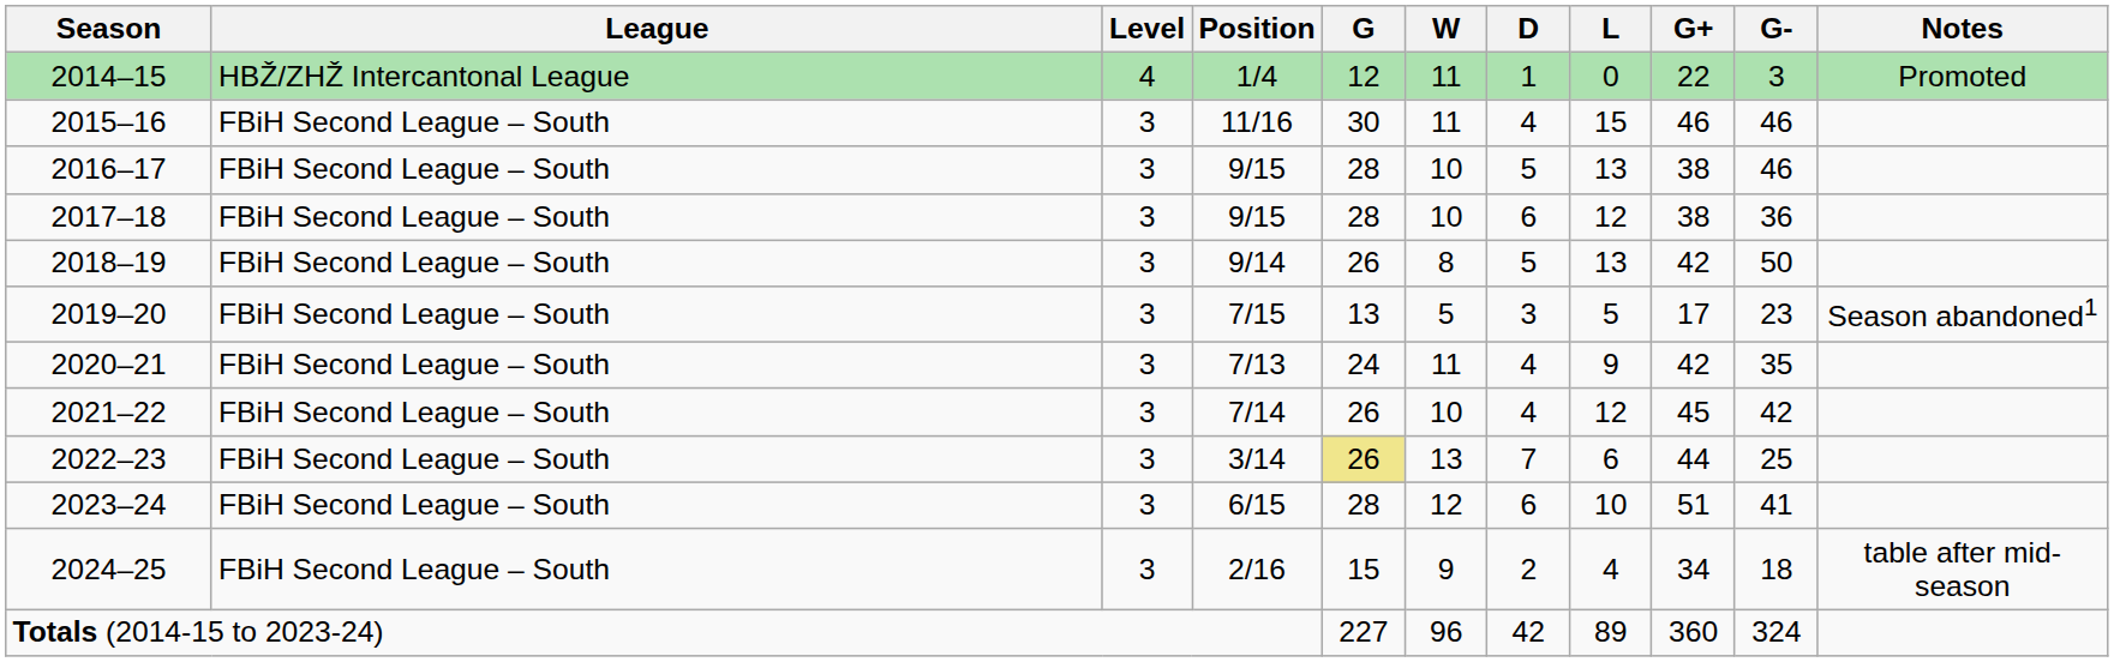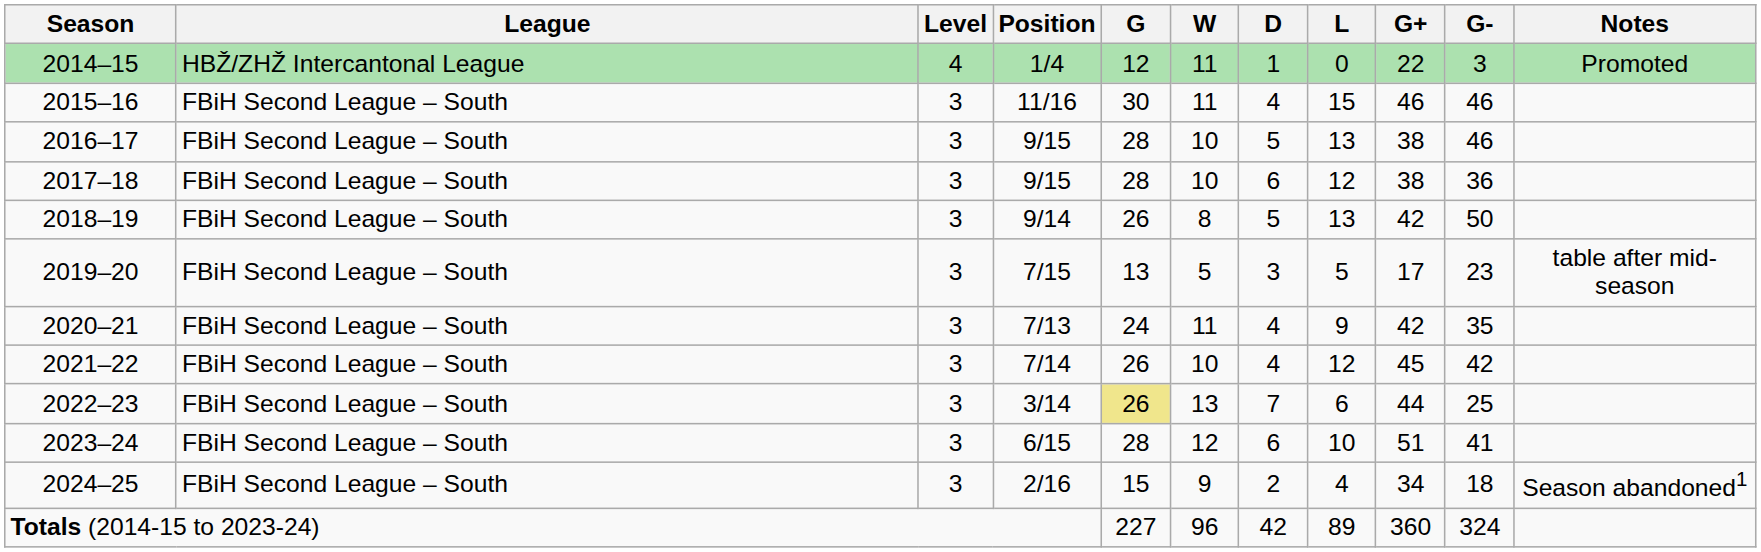 <table class="wikitable" style="text-align:center; width:90%">
 <tr>
 <th style="width:10%">Season</th>
 <th style="width:44%">League</th>
 <th>Level</th>
 <th>Position</th>
 <th style="width:4%">G</th>
 <th style="width:4%">W</th>
 <th style="width:4%">D</th>
 <th style="width:4%">L</th>
 <th style="width:4%">G+</th>
 <th style="width:4%">G-</th>
 <th style="width:14%">Notes</th>
 </tr>
 <tr bgcolor="#ACE1AF">
 <td>2014–15</td>
 <td style="text-align:left">HBŽ/ZHŽ Intercantonal League</td>
 <td>4</td>
 <td>1/4</td>
 <td>12</td>
 <td>11</td>
 <td>1</td>
 <td>0</td>
 <td>22</td>
 <td>3</td>
 <td>Promoted</td>
 </tr>
 <tr>
 <td>2015–16</td>
 <td style="text-align:left">FBiH Second League – South</td>
 <td>3</td>
 <td>11/16</td>
 <td>30</td>
 <td>11</td>
 <td>4</td>
 <td>15</td>
 <td>46</td>
 <td>46</td>
 <td></td>
 </tr>
 <tr>
 <td>2016–17</td>
 <td style="text-align:left">FBiH Second League – South</td>
 <td>3</td>
 <td>9/15</td>
 <td>28</td>
 <td>10</td>
 <td>5</td>
 <td>13</td>
 <td>38</td>
 <td>46</td>
 <td></td>
 </tr>
 <tr>
 <td>2017–18</td>
 <td style="text-align:left">FBiH Second League – South</td>
 <td>3</td>
 <td>9/15</td>
 <td>28</td>
 <td>10</td>
 <td>6</td>
 <td>12</td>
 <td>38</td>
 <td>36</td>
 <td></td>
 </tr>
 <tr>
 <td>2018–19</td>
 <td style="text-align:left">FBiH Second League – South</td>
 <td>3</td>
 <td>9/14</td>
 <td>26</td>
 <td>8</td>
 <td>5</td>
 <td>13</td>
 <td>42</td>
 <td>50</td>
 <td></td>
 </tr>
 <tr>
 <td>2019–20</td>
 <td style="text-align:left">FBiH Second League – South</td>
 <td>3</td>
 <td>7/15</td>
 <td>13</td>
 <td>5</td>
 <td>3</td>
 <td>5</td>
 <td>17</td>
 <td>23</td>
-<td>Season abandoned<sup>1</sup></td>
+<td>table after mid-season</td>
 </tr>
 <tr>
 <td>2020–21</td>
 <td style="text-align:left">FBiH Second League – South</td>
 <td>3</td>
 <td>7/13</td>
 <td>24</td>
 <td>11</td>
 <td>4</td>
 <td>9</td>
 <td>42</td>
 <td>35</td>
 <td></td>
 </tr>
 <tr>
 <td>2021–22</td>
 <td style="text-align:left">FBiH Second League – South</td>
 <td>3</td>
 <td>7/14</td>
 <td>26</td>
 <td>10</td>
 <td>4</td>
 <td>12</td>
 <td>45</td>
 <td>42</td>
 <td></td>
 </tr>
 <tr>
 <td>2022–23</td>
 <td style="text-align:left">FBiH Second League – South</td>
 <td>3</td>
 <td>3/14</td>
 <td style="background: khaki;">26</td>
 <td>13</td>
 <td>7</td>
 <td>6</td>
 <td>44</td>
 <td>25</td>
 <td></td>
 </tr>
 <tr>
 <td>2023–24</td>
 <td style="text-align:left">FBiH Second League – South</td>
 <td>3</td>
 <td>6/15</td>
 <td>28</td>
 <td>12</td>
 <td>6</td>
 <td>10</td>
 <td>51</td>
 <td>41</td>
 <td></td>
 </tr>
 <tr>
 <td>2024–25</td>
 <td style="text-align:left">FBiH Second League – South</td>
 <td>3</td>
 <td>2/16</td>
 <td>15</td>
 <td>9</td>
 <td>2</td>
 <td>4</td>
 <td>34</td>
 <td>18</td>
-<td>table after mid-season</td>
+<td>Season abandoned<sup>1</sup></td>
 </tr>
 <tr>
 <td style="text-align:left" colspan=4><strong>Totals</strong> (2014-15 to 2023-24)</td>
 <td>227</td>
 <td>96</td>
 <td>42</td>
 <td>89</td>
 <td>360</td>
 <td>324</td>
 <td></td>
 </tr>
 </table>
